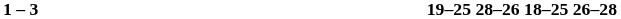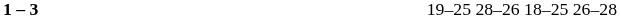 <table width=100% cellspacing=1>
 <tr>
 <th width=20%></th>
 <th width=12%></th>
 <th width=20%></th>
 <th width=33%></th>
 <td></td>
 </tr>
 <tr style=font-size:90%>
 <td align=right></td>
 <td align=center><strong>1 – 3</strong></td>
 <td><strong></strong></td>
-<td><strong>19–25 28–26 18–25 26–28</strong></td>
+<td>19–25 28–26 18–25 26–28</td>
 </tr>
 </table>
